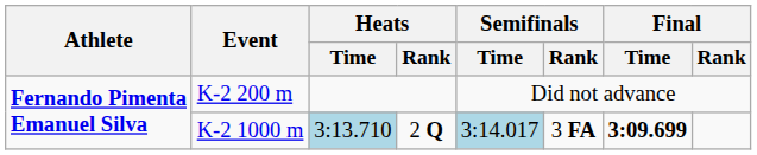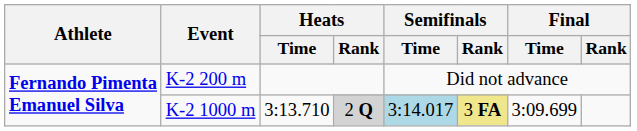 <table class=wikitable style="font-size:90%">
 <tr>
 <th rowspan="2">Athlete</th>
 <th rowspan="2">Event</th>
 <th colspan=2>Heats</th>
 <th colspan=2>Semifinals</th>
 <th colspan=2>Final</th>
 </tr>
 <tr style="font-size:95%">
 <th>Time</th>
 <th>Rank</th>
 <th>Time</th>
 <th>Rank</th>
 <th>Time</th>
 <th>Rank</th>
 </tr>
 <tr align=center>
 <td align=left rowspan=2><strong><a href='#'>Fernando Pimenta</a><br><a href='#'>Emanuel Silva</a></strong></td>
 <td align=left><a href='#'>K-2 200 m</a></td>
 <td colspan=2></td>
 <td colspan=4>Did not advance</td>
 </tr>
 <tr align=center>
 <td align=left><a href='#'>K-2 1000 m</a></td>
-<td style="background: lightblue;">3:13.710</td>
-<td>2 <strong>Q</strong></td>
+<td>3:13.710</td>
+<td style="background: lightgrey;">2 <strong>Q</strong></td>
 <td style="background: lightblue;">3:14.017</td>
-<td>3 <strong>FA</strong></td>
-<td><strong>3:09.699</strong></td>
+<td style="background: khaki;">3 <strong>FA</strong></td>
+<td>3:09.699</td>
 <td></td>
 </tr>
 </table>
